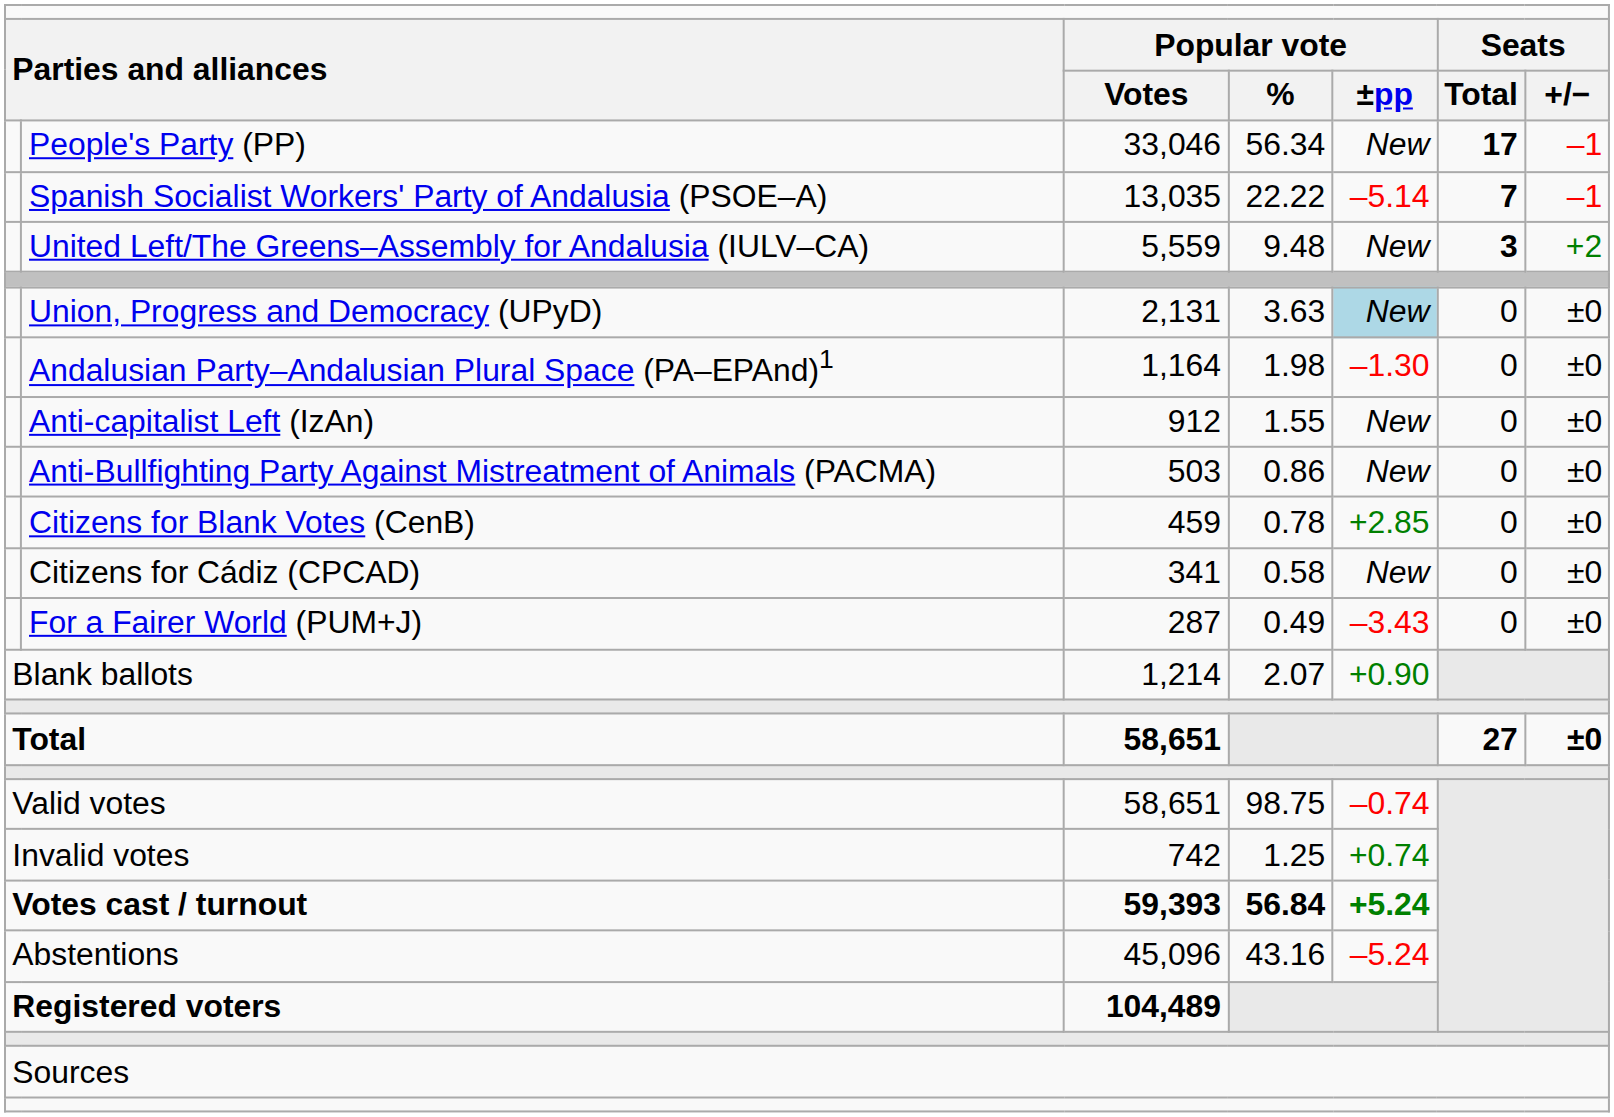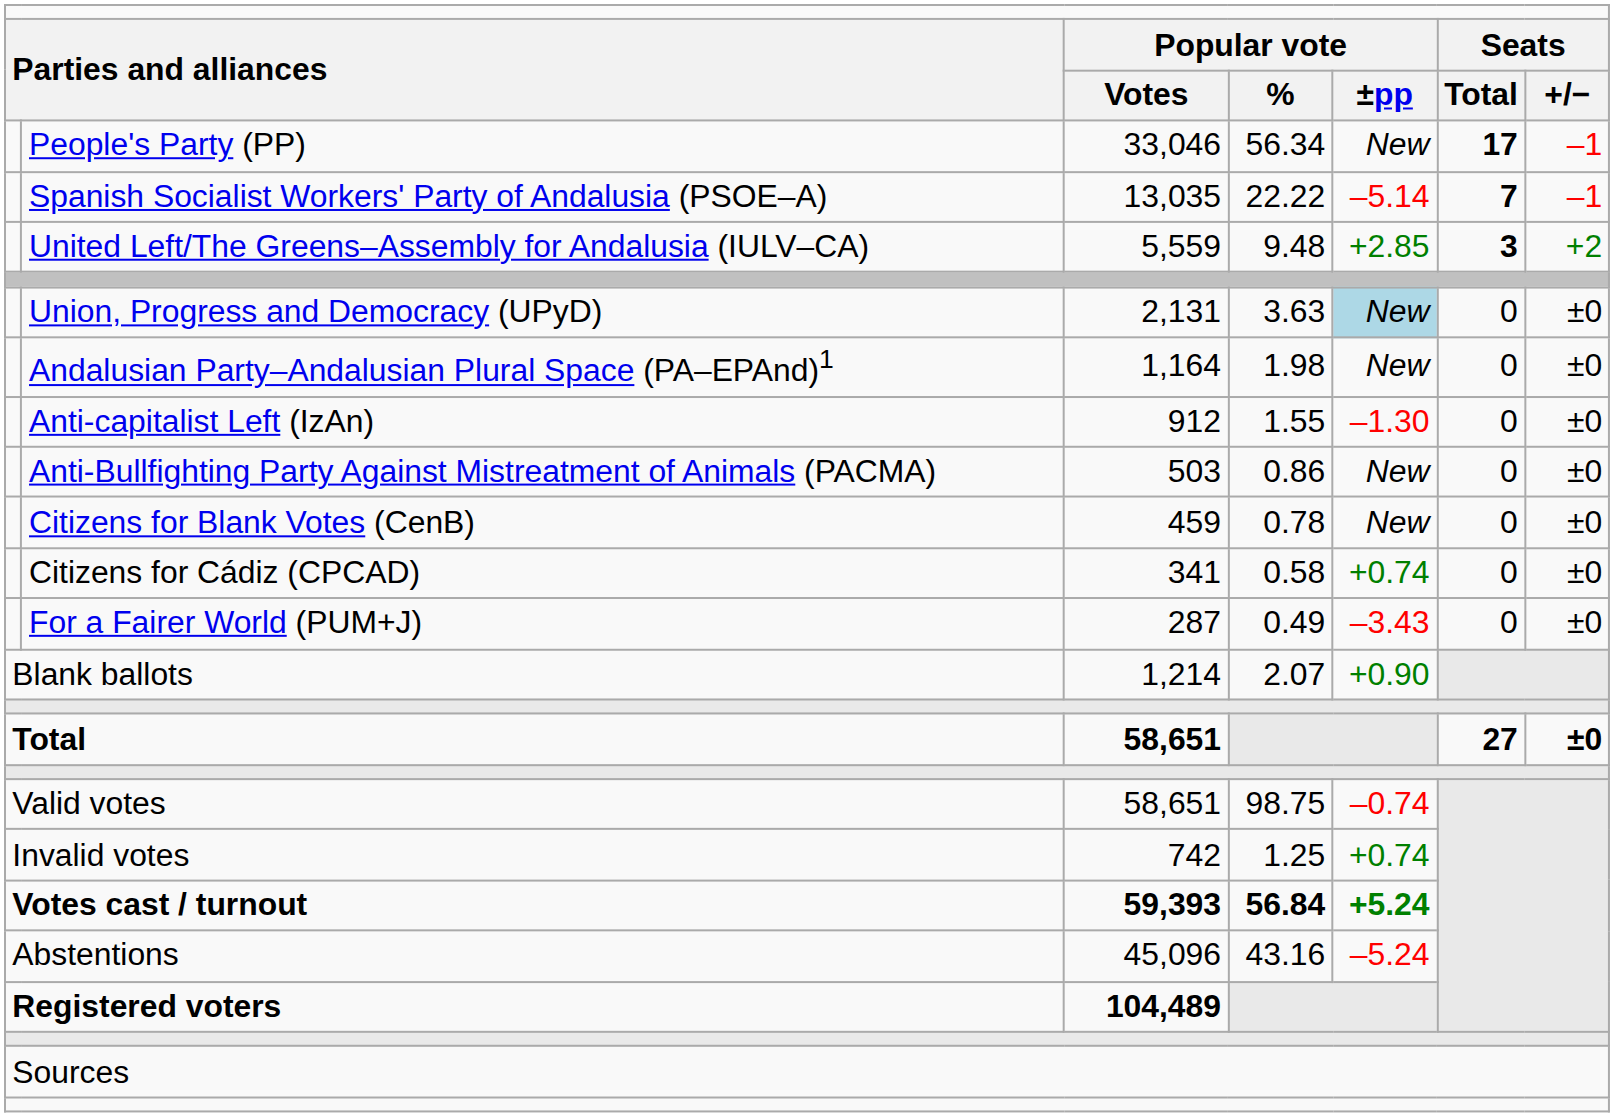 <table class="wikitable" style="text-align:right;">
 <tr>
 <td colspan="7"></td>
 </tr>
 <tr>
 <th style="text-align:left;" rowspan="2" colspan="2" width="525">Parties and alliances</th>
 <th colspan="3">Popular vote</th>
 <th colspan="2">Seats</th>
 </tr>
 <tr>
 <th width="75">Votes</th>
 <th width="45">%</th>
 <th width="45">±<a href='#'>pp</a></th>
 <th width="35">Total</th>
 <th width="35">+/−</th>
 </tr>
 <tr>
 <td width="1" style="color:inherit;background:"></td>
 <td align="left"><a href='#'>People's Party</a> (PP)</td>
 <td>33,046</td>
 <td>56.34</td>
 <td><em>New</em></td>
 <td><strong>17</strong></td>
 <td style="color:red;">–1</td>
 </tr>
 <tr>
 <td style="color:inherit;background:"></td>
 <td align="left"><a href='#'>Spanish Socialist Workers' Party of Andalusia</a> (PSOE–A)</td>
 <td>13,035</td>
 <td>22.22</td>
 <td style="color:red;">–5.14</td>
 <td><strong>7</strong></td>
 <td style="color:red;">–1</td>
 </tr>
 <tr>
 <td style="color:inherit;background:"></td>
 <td align="left"><a href='#'>United Left/The Greens–Assembly for Andalusia</a> (IULV–CA)</td>
 <td>5,559</td>
 <td>9.48</td>
-<td><em>New</em></td>
+<td style="color:green;">+2.85</td>
 <td><strong>3</strong></td>
 <td style="color:green;">+2</td>
 </tr>
 <tr>
 <td colspan="7" bgcolor="#C0C0C0"></td>
 </tr>
 <tr>
 <td style="color:inherit;background:"></td>
 <td align="left"><a href='#'>Union, Progress and Democracy</a> (UPyD)</td>
 <td>2,131</td>
 <td>3.63</td>
 <td style="background: lightblue;"><em>New</em></td>
 <td>0</td>
 <td>±0</td>
 </tr>
 <tr>
 <td style="color:inherit;background:"></td>
 <td align="left"><a href='#'>Andalusian Party–Andalusian Plural Space</a> (PA–EPAnd)<sup>1</sup></td>
 <td>1,164</td>
 <td>1.98</td>
-<td style="color:red;">–1.30</td>
+<td><em>New</em></td>
 <td>0</td>
 <td>±0</td>
 </tr>
 <tr>
 <td style="color:inherit;background:"></td>
 <td align="left"><a href='#'>Anti-capitalist Left</a> (IzAn)</td>
 <td>912</td>
 <td>1.55</td>
-<td><em>New</em></td>
+<td style="color:red;">–1.30</td>
 <td>0</td>
 <td>±0</td>
 </tr>
 <tr>
 <td style="color:inherit;background:"></td>
 <td align="left"><a href='#'>Anti-Bullfighting Party Against Mistreatment of Animals</a> (PACMA)</td>
 <td>503</td>
 <td>0.86</td>
 <td><em>New</em></td>
 <td>0</td>
 <td>±0</td>
 </tr>
 <tr>
 <td style="color:inherit;background:"></td>
 <td align="left"><a href='#'>Citizens for Blank Votes</a> (CenB)</td>
 <td>459</td>
 <td>0.78</td>
-<td style="color:green;">+2.85</td>
+<td><em>New</em></td>
 <td>0</td>
 <td>±0</td>
 </tr>
 <tr>
 <td style="color:inherit;background:"></td>
 <td align="left">Citizens for Cádiz (CPCAD)</td>
 <td>341</td>
 <td>0.58</td>
-<td><em>New</em></td>
+<td style="color:green;">+0.74</td>
 <td>0</td>
 <td>±0</td>
 </tr>
 <tr>
 <td style="color:inherit;background:"></td>
 <td align="left"><a href='#'>For a Fairer World</a> (PUM+J)</td>
 <td>287</td>
 <td>0.49</td>
 <td style="color:red;">–3.43</td>
 <td>0</td>
 <td>±0</td>
 </tr>
 <tr>
 <td align="left" colspan="2">Blank ballots</td>
 <td>1,214</td>
 <td>2.07</td>
 <td style="color:green;">+0.90</td>
 <td bgcolor="#E9E9E9" colspan="2"></td>
 </tr>
 <tr>
 <td colspan="7" bgcolor="#E9E9E9"></td>
 </tr>
 <tr style="font-weight:bold;">
 <td align="left" colspan="2">Total</td>
 <td>58,651</td>
 <td bgcolor="#E9E9E9" colspan="2"></td>
 <td>27</td>
 <td>±0</td>
 </tr>
 <tr>
 <td colspan="7" bgcolor="#E9E9E9"></td>
 </tr>
 <tr>
 <td align="left" colspan="2">Valid votes</td>
 <td>58,651</td>
 <td>98.75</td>
 <td style="color:red;">–0.74</td>
 <td bgcolor="#E9E9E9" colspan="2" rowspan="5"></td>
 </tr>
 <tr>
 <td align="left" colspan="2">Invalid votes</td>
 <td>742</td>
 <td>1.25</td>
 <td style="color:green;">+0.74</td>
 </tr>
 <tr style="font-weight:bold;">
 <td align="left" colspan="2">Votes cast / turnout</td>
 <td>59,393</td>
 <td>56.84</td>
 <td style="color:green;">+5.24</td>
 </tr>
 <tr>
 <td align="left" colspan="2">Abstentions</td>
 <td>45,096</td>
 <td>43.16</td>
 <td style="color:red;">–5.24</td>
 </tr>
 <tr style="font-weight:bold;">
 <td align="left" colspan="2">Registered voters</td>
 <td>104,489</td>
 <td bgcolor="#E9E9E9" colspan="2"></td>
 </tr>
 <tr>
 <td colspan="7" bgcolor="#E9E9E9"></td>
 </tr>
 <tr>
 <td align="left" colspan="7">Sources</td>
 </tr>
 <tr>
 <td colspan="7" style="text-align:left; max-width:790px;"></td>
 </tr>
 </table>
